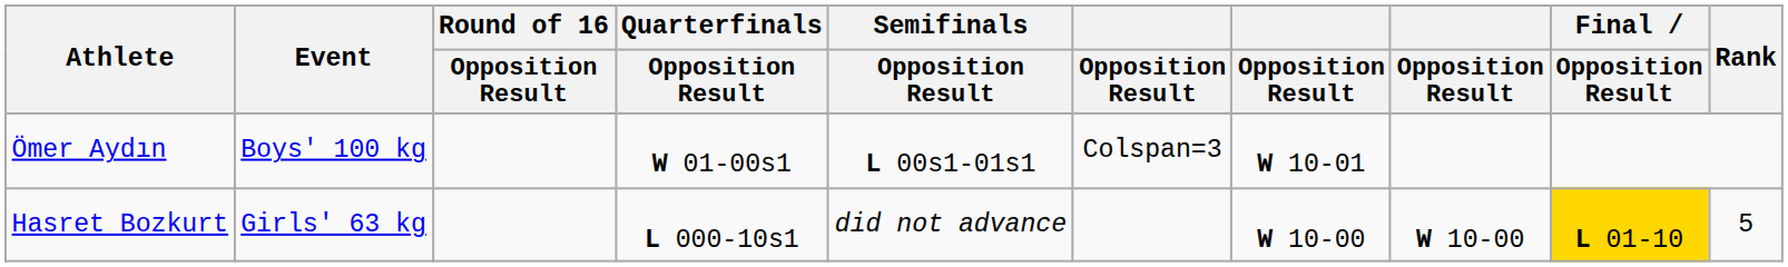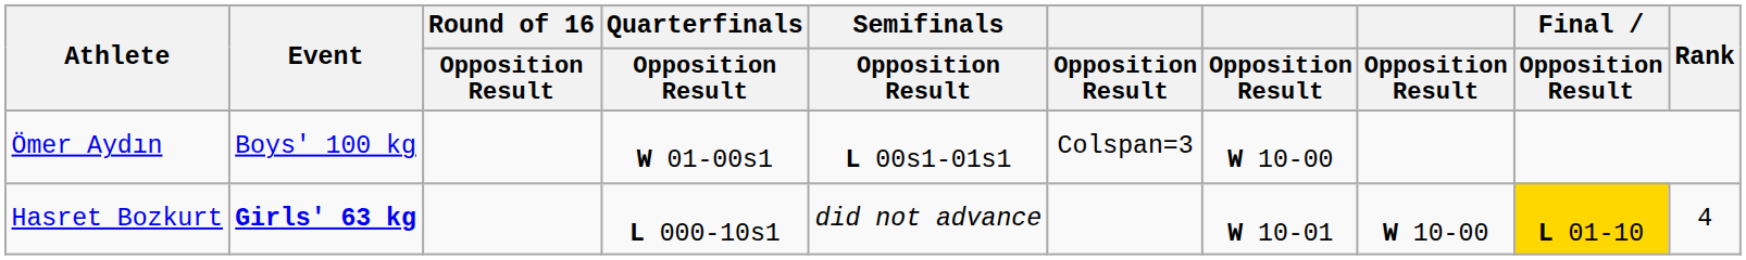 <table class="wikitable" style="font-size:90%">
 <tr>
 <th rowspan="2">Athlete</th>
 <th rowspan="2">Event</th>
 <th>Round of 16</th>
 <th>Quarterfinals</th>
 <th>Semifinals</th>
 <th></th>
 <th></th>
 <th></th>
 <th>Final / </th>
 <th rowspan=2>Rank</th>
 </tr>
 <tr style="font-size:95%">
 <th>Opposition<br>Result</th>
 <th>Opposition<br>Result</th>
 <th>Opposition<br>Result</th>
 <th>Opposition<br>Result</th>
 <th>Opposition<br>Result</th>
 <th>Opposition<br>Result</th>
 <th>Opposition<br>Result</th>
 </tr>
 <tr align=center>
 <td align=left><a href='#'>Ömer Aydın</a></td>
 <td align=left><a href='#'>Boys' 100 kg</a></td>
 <td></td>
 <td><br> <strong>W</strong> 01-00s1</td>
 <td><br> <strong>L</strong> 00s1-01s1</td>
 <td>Colspan=3 </td>
-<td><br> <strong>W</strong> 10-01</td>
+<td><br> <strong>W</strong> 10-00</td>
 <td></td>
 </tr>
 <tr align=center>
 <td align=left><a href='#'>Hasret Bozkurt</a></td>
-<td align=left><a href='#'>Girls' 63 kg</a></td>
+<td align=left><strong><a href='#'>Girls' 63 kg</a></strong></td>
 <td></td>
 <td><br> <strong>L</strong> 000-10s1</td>
 <td><em>did not advance</em></td>
 <td></td>
-<td><br> <strong>W</strong> 10-00</td>
+<td><br> <strong>W</strong> 10-01</td>
 <td><br> <strong>W</strong> 10-00</td>
 <td style="background: gold;"><br> <strong>L</strong> 01-10</td>
-<td>5</td>
+<td>4</td>
 </tr>
 </table>
